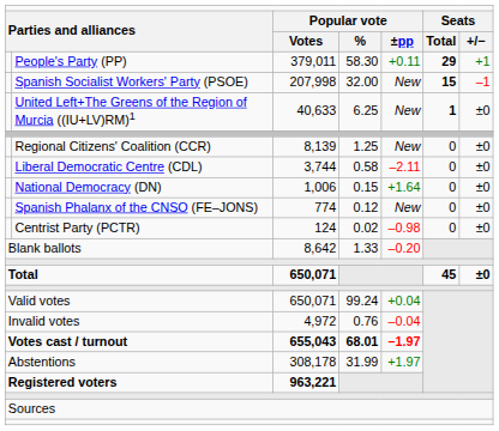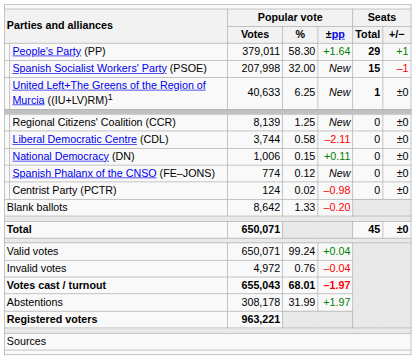 <table class="wikitable" style="text-align:right;">
 <tr>
 <td colspan="7"></td>
 </tr>
 <tr>
 <th style="text-align:left;" rowspan="2" colspan="2" width="525">Parties and alliances</th>
 <th colspan="3">Popular vote</th>
 <th colspan="2">Seats</th>
 </tr>
 <tr>
 <th width="75">Votes</th>
 <th width="45">%</th>
 <th width="45">±<a href='#'>pp</a></th>
 <th width="35">Total</th>
 <th width="35">+/−</th>
 </tr>
 <tr>
 <td width="1" style="color:inherit;background:"></td>
 <td align="left"><a href='#'>People's Party</a> (PP)</td>
 <td>379,011</td>
 <td>58.30</td>
-<td style="color:green;">+0.11</td>
+<td style="color:green;">+1.64</td>
 <td><strong>29</strong></td>
 <td style="color:green;">+1</td>
 </tr>
 <tr>
 <td style="color:inherit;background:"></td>
 <td align="left"><a href='#'>Spanish Socialist Workers' Party</a> (PSOE)</td>
 <td>207,998</td>
 <td>32.00</td>
 <td><em>New</em></td>
 <td><strong>15</strong></td>
 <td style="color:red;">–1</td>
 </tr>
 <tr>
 <td style="color:inherit;background:"></td>
 <td align="left"><a href='#'>United Left+The Greens of the Region of Murcia</a> ((IU+LV)RM)<sup>1</sup></td>
 <td>40,633</td>
 <td>6.25</td>
 <td><em>New</em></td>
 <td><strong>1</strong></td>
 <td>±0</td>
 </tr>
 <tr>
 <td colspan="7" bgcolor="#C0C0C0"></td>
 </tr>
 <tr>
 <td style="color:inherit;background:"></td>
 <td align="left">Regional Citizens' Coalition (CCR)</td>
 <td>8,139</td>
 <td>1.25</td>
 <td><em>New</em></td>
 <td>0</td>
 <td>±0</td>
 </tr>
 <tr>
 <td style="color:inherit;background:"></td>
 <td align="left"><a href='#'>Liberal Democratic Centre</a> (CDL)</td>
 <td>3,744</td>
 <td>0.58</td>
 <td style="color:red;">–2.11</td>
 <td>0</td>
 <td>±0</td>
 </tr>
 <tr>
 <td style="color:inherit;background:"></td>
 <td align="left"><a href='#'>National Democracy</a> (DN)</td>
 <td>1,006</td>
 <td>0.15</td>
-<td style="color:green;">+1.64</td>
+<td style="color:green;">+0.11</td>
 <td>0</td>
 <td>±0</td>
 </tr>
 <tr>
 <td style="color:inherit;background:"></td>
 <td align="left"><a href='#'>Spanish Phalanx of the CNSO</a> (FE–JONS)</td>
 <td>774</td>
 <td>0.12</td>
 <td><em>New</em></td>
 <td>0</td>
 <td>±0</td>
 </tr>
 <tr>
 <td style="color:inherit;background:"></td>
 <td align="left">Centrist Party (PCTR)</td>
 <td>124</td>
 <td>0.02</td>
 <td style="color:red;">–0.98</td>
 <td>0</td>
 <td>±0</td>
 </tr>
 <tr>
 <td align="left" colspan="2">Blank ballots</td>
 <td>8,642</td>
 <td>1.33</td>
 <td style="color:red;">–0.20</td>
 <td bgcolor="#E9E9E9" colspan="2"></td>
 </tr>
 <tr>
 <td colspan="7" bgcolor="#E9E9E9"></td>
 </tr>
 <tr style="font-weight:bold;">
 <td align="left" colspan="2">Total</td>
 <td>650,071</td>
 <td bgcolor="#E9E9E9" colspan="2"></td>
 <td>45</td>
 <td>±0</td>
 </tr>
 <tr>
 <td colspan="7" bgcolor="#E9E9E9"></td>
 </tr>
 <tr>
 <td align="left" colspan="2">Valid votes</td>
 <td>650,071</td>
 <td>99.24</td>
 <td style="color:green;">+0.04</td>
 <td bgcolor="#E9E9E9" colspan="2" rowspan="5"></td>
 </tr>
 <tr>
 <td align="left" colspan="2">Invalid votes</td>
 <td>4,972</td>
 <td>0.76</td>
 <td style="color:red;">–0.04</td>
 </tr>
 <tr style="font-weight:bold;">
 <td align="left" colspan="2">Votes cast / turnout</td>
 <td>655,043</td>
 <td>68.01</td>
 <td style="color:red;">–1.97</td>
 </tr>
 <tr>
 <td align="left" colspan="2">Abstentions</td>
 <td>308,178</td>
 <td>31.99</td>
 <td style="color:green;">+1.97</td>
 </tr>
 <tr style="font-weight:bold;">
 <td align="left" colspan="2">Registered voters</td>
 <td>963,221</td>
 <td bgcolor="#E9E9E9" colspan="2"></td>
 </tr>
 <tr>
 <td colspan="7" bgcolor="#E9E9E9"></td>
 </tr>
 <tr>
 <td align="left" colspan="7">Sources</td>
 </tr>
 <tr>
 <td colspan="7" style="text-align:left; max-width:790px;"></td>
 </tr>
 </table>
